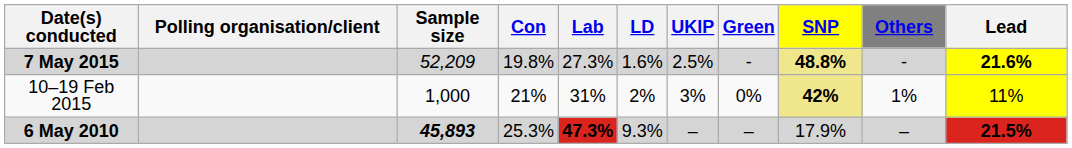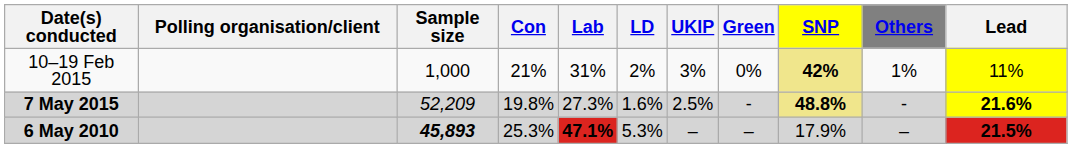 <table class="wikitable sortable" style="text-align:center;font-size:90%;line-height:14px">
 <tr>
 <th ! style="width:100px;">Date(s)<br>conducted</th>
 <th style="width:200px;">Polling organisation/client</th>
 <th class="unsortable" style="width:75px;">Sample size</th>
 <th class="unsortable" style="background:"><a href='#'><span>Con</span></a></th>
 <th class="unsortable" style="background:"><a href='#'><span>Lab</span></a></th>
 <th class="unsortable" style="background:"><a href='#'><span>LD</span></a></th>
 <th class="unsortable" style="background:"><a href='#'><span>UKIP</span></a></th>
 <th class="unsortable" style="background:"><a href='#'><span>Green</span></a></th>
 <th class="unsortable" style="background:#ffff00; width:60px;"><a href='#'><span>SNP</span></a></th>
 <th class="unsortable" style="background:gray; width:60px;"><a href='#'><span>Others</span></a></th>
 <th class="unsortable" style="width:90px;">Lead</th>
 </tr>
 <tr>
+<td>10–19 Feb 2015</td>
+<td> </td>
+<td>1,000</td>
+<td>21%</td>
+<td>31%</td>
+<td>2%</td>
+<td>3%</td>
+<td>0%</td>
+<td style="background:khaki"><strong>42%</strong></td>
+<td>1%</td>
+<td style="background:#ff0"><span>11% </span></td>
+</tr>
+<tr>
 <td style="background:#D5D5D5"><strong>7 May 2015</strong></td>
 <td style="background:#D5D5D5"></td>
 <td style="background:#D5D5D5"><em>52,209</em></td>
 <td style="background:#D5D5D5">19.8%</td>
 <td style="background:#D5D5D5">27.3%</td>
 <td style="background:#D5D5D5">1.6%</td>
 <td style="background:#D5D5D5">2.5%</td>
 <td style="background:#D5D5D5">-</td>
 <td style="background:khaki"><strong>48.8%</strong></td>
 <td style="background:#D5D5D5">-</td>
 <td style="background:#ffff00"><strong>21.6% </strong></td>
 </tr>
 <tr>
-<td>10–19 Feb 2015</td>
-<td> </td>
-<td>1,000</td>
-<td>21%</td>
-<td>31%</td>
-<td>2%</td>
-<td>3%</td>
-<td>0%</td>
-<td style="background:khaki"><strong>42%</strong></td>
-<td>1%</td>
-<td style="background:#ff0"><span>11% </span></td>
-</tr>
-<tr>
 <td style="background:#D5D5D5"><strong>6 May 2010</strong></td>
 <td style="background:#D5D5D5"></td>
 <td style="background:#D5D5D5"><strong><em>45,893</em></strong></td>
 <td style="background:#D5D5D5">25.3%</td>
-<td style="background:#dc241f"><span><strong>47.3%</strong></span></td>
-<td style="background:#D5D5D5">9.3%</td>
+<td style="background:#dc241f"><span><strong>47.1%</strong></span></td>
+<td style="background:#D5D5D5">5.3%</td>
 <td style="background:#D5D5D5">–</td>
 <td style="background:#D5D5D5">–</td>
 <td style="background:#D5D5D5">17.9%</td>
 <td style="background:#D5D5D5">–</td>
 <td style="background:#dc241f"><span><strong>21.5% </strong></span></td>
 </tr>
 </table>
